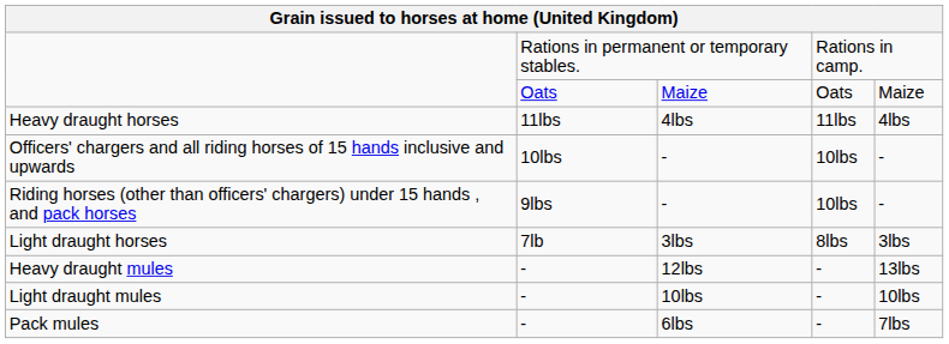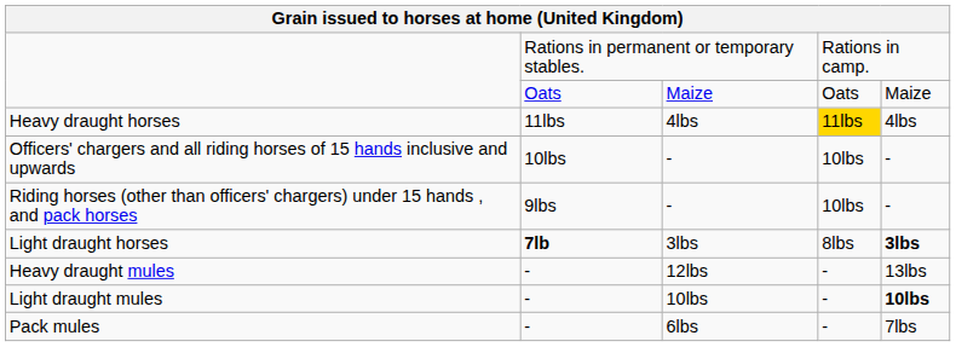 <table class="wikitable">
 <tr>
 <th colspan="5">Grain issued to horses at home (United Kingdom)</th>
 </tr>
 <tr>
 <td rowspan="2"></td>
 <td colspan="2">Rations in permanent or temporary stables.</td>
 <td colspan="2">Rations in camp.</td>
 </tr>
 <tr>
 <td><a href='#'>Oats</a></td>
 <td><a href='#'>Maize</a></td>
 <td>Oats</td>
 <td>Maize</td>
 </tr>
 <tr>
 <td>Heavy draught horses</td>
 <td>11lbs</td>
 <td>4lbs</td>
-<td>11lbs</td>
+<td style="background: gold;">11lbs</td>
 <td>4lbs</td>
 </tr>
 <tr>
 <td>Officers' chargers and all riding horses of 15 <a href='#'>hands</a>  inclusive and upwards</td>
 <td>10lbs</td>
 <td>-</td>
 <td>10lbs</td>
 <td>-</td>
 </tr>
 <tr>
 <td>Riding horses (other than officers' chargers) under 15 hands , and <a href='#'>pack horses</a></td>
 <td>9lbs</td>
 <td>-</td>
 <td>10lbs</td>
 <td>-</td>
 </tr>
 <tr>
 <td>Light draught horses</td>
-<td>7lb</td>
+<td><strong>7lb</strong></td>
 <td>3lbs</td>
 <td>8lbs</td>
-<td>3lbs</td>
+<td><strong>3lbs</strong></td>
 </tr>
 <tr>
 <td>Heavy draught <a href='#'>mules</a></td>
 <td>-</td>
 <td>12lbs</td>
 <td>-</td>
 <td>13lbs</td>
 </tr>
 <tr>
 <td>Light draught mules</td>
 <td>-</td>
 <td>10lbs</td>
 <td>-</td>
-<td>10lbs</td>
+<td><strong>10lbs</strong></td>
 </tr>
 <tr>
 <td>Pack mules</td>
 <td>-</td>
 <td>6lbs</td>
 <td>-</td>
 <td>7lbs</td>
 </tr>
 </table>
